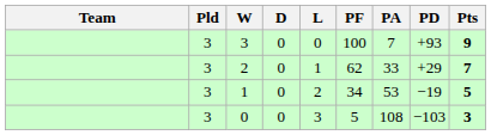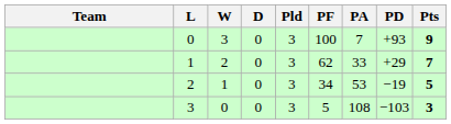 <table class="wikitable" style="text-align: center;">
 <tr>
 <th width="180">Team</th>
-<th width="30">Pld</th>
+<th width="30">L</th>
 <th width="30">W</th>
 <th width="30">D</th>
-<th width="30">L</th>
+<th width="30">Pld</th>
 <th width="30">PF</th>
 <th width="30">PA</th>
 <th width="30">PD</th>
 <th width="30">Pts</th>
 </tr>
 <tr bgcolor="ccffcc">
 <td align=left></td>
-<td>3</td>
+<td>0</td>
 <td>3</td>
 <td>0</td>
-<td>0</td>
+<td>3</td>
 <td>100</td>
 <td>7</td>
 <td>+93</td>
 <td><strong>9</strong></td>
 </tr>
 <tr bgcolor="ccffcc">
 <td align=left></td>
-<td>3</td>
+<td>1</td>
 <td>2</td>
 <td>0</td>
-<td>1</td>
+<td>3</td>
 <td>62</td>
 <td>33</td>
 <td>+29</td>
 <td><strong>7</strong></td>
 </tr>
 <tr bgcolor="ccffcc">
 <td align=left></td>
-<td>3</td>
+<td>2</td>
 <td>1</td>
 <td>0</td>
-<td>2</td>
+<td>3</td>
 <td>34</td>
 <td>53</td>
 <td>−19</td>
 <td><strong>5</strong></td>
 </tr>
 <tr bgcolor="ccffcc">
 <td align=left></td>
 <td>3</td>
 <td>0</td>
 <td>0</td>
 <td>3</td>
 <td>5</td>
 <td>108</td>
 <td>−103</td>
 <td><strong>3</strong></td>
 </tr>
 </table>
